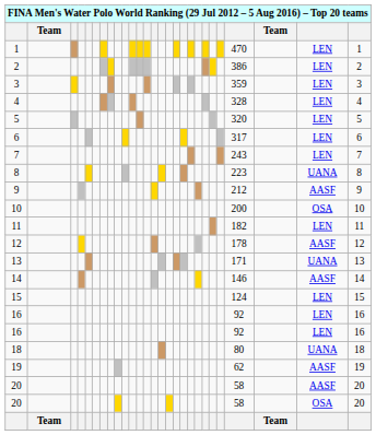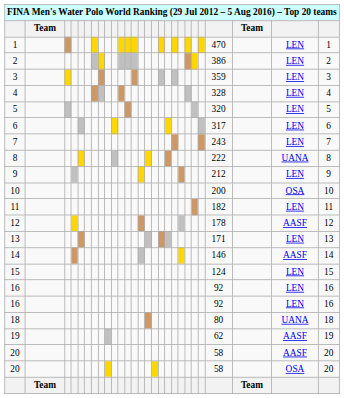 <table class="wikitable" style="text-align: center; font-size: 75%; margin-left: 1em;">
 <tr>
 <th colspan="27" style="background-color: #ccffff;">FINA Men's Water Polo World Ranking (29 Jul 2012 – 5 Aug 2016) – Top 20 teams</th>
 </tr>
 <tr>
 <th></th>
 <th>Team</th>
 <th><a href='#'></a></th>
 <th><a href='#'></a></th>
 <th><a href='#'></a></th>
 <th><a href='#'></a></th>
 <th><a href='#'></a></th>
 <th><a href='#'></a></th>
 <th><a href='#'></a></th>
 <th><a href='#'></a></th>
 <th><a href='#'></a></th>
 <th><a href='#'></a></th>
 <th><a href='#'></a></th>
 <th><a href='#'></a></th>
 <th><a href='#'></a></th>
 <th><a href='#'></a></th>
 <th><a href='#'></a></th>
 <th><a href='#'></a></th>
 <th><a href='#'></a></th>
 <th><a href='#'></a></th>
 <th><a href='#'></a></th>
 <th><a href='#'></a></th>
 <th><a href='#'></a></th>
 <th></th>
 <th>Team</th>
 <th></th>
 <th></th>
 </tr>
 <tr>
 <td>1</td>
 <td style="text-align: left;"></td>
 <td style="background-color: #cc9966;"></td>
 <td></td>
 <td></td>
 <td></td>
 <td style="background-color: gold;"></td>
 <td></td>
 <td></td>
 <td></td>
 <td style="background-color: gold;"></td>
 <td style="background-color: gold;"></td>
 <td style="background-color: gold;"></td>
 <td></td>
 <td></td>
 <td></td>
 <td style="background-color: gold;"></td>
 <td></td>
 <td style="background-color: gold;"></td>
 <td></td>
 <td style="background-color: gold;"></td>
 <td></td>
 <td style="background-color: gold;"></td>
 <td>470</td>
 <td style="text-align: left;"></td>
 <td><a href='#'>LEN</a></td>
 <td>1</td>
 </tr>
 <tr>
 <td>2</td>
 <td style="text-align: left;"></td>
 <td></td>
 <td></td>
 <td></td>
 <td></td>
 <td style="background-color: silver;"></td>
 <td style="background-color: gold;"></td>
 <td></td>
 <td></td>
 <td style="background-color: silver;"></td>
 <td style="background-color: silver;"></td>
 <td style="background-color: silver;"></td>
 <td></td>
 <td></td>
 <td></td>
 <td></td>
 <td></td>
 <td></td>
 <td></td>
 <td style="background-color: #cc9966;"></td>
 <td style="background-color: gold;"></td>
 <td></td>
 <td>386</td>
 <td style="text-align: left;"></td>
 <td><a href='#'>LEN</a></td>
 <td>2</td>
 </tr>
 <tr>
 <td>3</td>
 <td style="text-align: left;"></td>
 <td style="background-color: gold;"></td>
 <td></td>
 <td></td>
 <td></td>
 <td></td>
 <td style="background-color: #cc9966;"></td>
 <td></td>
 <td></td>
 <td></td>
 <td></td>
 <td style="background-color: #cc9966;"></td>
 <td></td>
 <td></td>
 <td></td>
 <td style="background-color: silver;"></td>
 <td></td>
 <td style="background-color: silver;"></td>
 <td></td>
 <td></td>
 <td></td>
 <td></td>
 <td>359</td>
 <td style="text-align: left;"></td>
 <td><a href='#'>LEN</a></td>
 <td>3</td>
 </tr>
 <tr>
 <td>4</td>
 <td style="text-align: left;"></td>
 <td></td>
 <td></td>
 <td></td>
 <td></td>
 <td style="background-color: #cc9966;"></td>
 <td style="background-color: silver;"></td>
 <td></td>
 <td></td>
 <td style="background-color: #cc9966;"></td>
 <td></td>
 <td></td>
 <td></td>
 <td></td>
 <td></td>
 <td></td>
 <td></td>
 <td></td>
 <td></td>
 <td style="background-color: silver;"></td>
 <td></td>
 <td></td>
 <td>328</td>
 <td style="text-align: left;"></td>
 <td><a href='#'>LEN</a></td>
 <td>4</td>
 </tr>
 <tr>
 <td>5</td>
 <td style="text-align: left;"></td>
 <td style="background-color: silver;"></td>
 <td></td>
 <td></td>
 <td></td>
 <td></td>
 <td></td>
 <td></td>
 <td></td>
 <td></td>
 <td style="background-color: #cc9966;"></td>
 <td></td>
 <td></td>
 <td></td>
 <td></td>
 <td></td>
 <td></td>
 <td></td>
 <td></td>
 <td></td>
 <td style="background-color: silver;"></td>
 <td></td>
 <td>320</td>
 <td style="text-align: left;"></td>
 <td><a href='#'>LEN</a></td>
 <td>5</td>
 </tr>
 <tr>
 <td>6</td>
 <td style="text-align: left;"></td>
 <td></td>
 <td></td>
 <td style="background-color: silver;"></td>
 <td></td>
 <td></td>
 <td></td>
 <td></td>
 <td style="background-color: gold;"></td>
 <td></td>
 <td></td>
 <td></td>
 <td></td>
 <td></td>
 <td></td>
 <td></td>
 <td style="background-color: gold;"></td>
 <td></td>
 <td></td>
 <td></td>
 <td></td>
 <td style="background-color: silver;"></td>
 <td>317</td>
 <td style="text-align: left;"></td>
 <td><a href='#'>LEN</a></td>
 <td>6</td>
 </tr>
 <tr>
 <td>7</td>
 <td style="text-align: left;"></td>
 <td></td>
 <td></td>
 <td></td>
 <td></td>
 <td></td>
 <td></td>
 <td></td>
 <td></td>
 <td></td>
 <td></td>
 <td></td>
 <td></td>
 <td></td>
 <td></td>
 <td></td>
 <td></td>
 <td style="background-color: #cc9966;"></td>
 <td></td>
 <td></td>
 <td></td>
 <td style="background-color: #cc9966;"></td>
 <td>243</td>
 <td style="text-align: left;"></td>
 <td><a href='#'>LEN</a></td>
 <td>7</td>
 </tr>
 <tr>
 <td>8</td>
 <td style="text-align: left;"></td>
 <td></td>
 <td></td>
 <td style="background-color: gold;"></td>
 <td></td>
 <td></td>
 <td></td>
 <td></td>
 <td style="background-color: silver;"></td>
 <td></td>
 <td></td>
 <td></td>
 <td></td>
 <td style="background-color: gold;"></td>
 <td></td>
 <td></td>
 <td style="background-color: #cc9966;"></td>
 <td></td>
 <td></td>
 <td></td>
 <td></td>
 <td></td>
-<td>223</td>
+<td>222</td>
 <td style="text-align: left;"></td>
 <td><a href='#'>UANA</a></td>
 <td>8</td>
 </tr>
 <tr>
 <td>9</td>
 <td style="text-align: left;"></td>
 <td></td>
 <td style="background-color: silver;"></td>
 <td></td>
 <td></td>
 <td></td>
 <td></td>
 <td></td>
 <td></td>
 <td></td>
 <td></td>
 <td></td>
 <td style="background-color: gold;"></td>
 <td></td>
 <td></td>
 <td></td>
 <td></td>
 <td></td>
 <td style="background-color: #cc9966;"></td>
 <td></td>
 <td></td>
 <td></td>
 <td>212</td>
 <td style="text-align: left;"></td>
-<td><a href='#'>AASF</a></td>
+<td><a href='#'>LEN</a></td>
 <td>9</td>
 </tr>
 <tr>
 <td>10</td>
 <td style="text-align: left;"></td>
 <td></td>
 <td></td>
 <td></td>
 <td></td>
 <td></td>
 <td></td>
 <td></td>
 <td></td>
 <td></td>
 <td></td>
 <td></td>
 <td></td>
 <td></td>
 <td></td>
 <td></td>
 <td></td>
 <td></td>
 <td></td>
 <td></td>
 <td></td>
 <td></td>
 <td>200</td>
 <td style="text-align: left;"></td>
 <td><a href='#'>OSA</a></td>
 <td>10</td>
 </tr>
 <tr>
 <td>11</td>
 <td style="text-align: left;"></td>
 <td></td>
 <td></td>
 <td></td>
 <td></td>
 <td></td>
 <td></td>
 <td></td>
 <td></td>
 <td></td>
 <td></td>
 <td></td>
 <td></td>
 <td></td>
 <td></td>
 <td></td>
 <td></td>
 <td></td>
 <td></td>
 <td></td>
 <td style="background-color: #cc9966;"></td>
 <td></td>
 <td>182</td>
 <td style="text-align: left;"></td>
 <td><a href='#'>LEN</a></td>
 <td>11</td>
 </tr>
 <tr>
 <td>12</td>
 <td style="text-align: left;"></td>
 <td></td>
 <td style="background-color: gold;"></td>
 <td></td>
 <td></td>
 <td></td>
 <td></td>
 <td></td>
 <td></td>
 <td></td>
 <td></td>
 <td></td>
 <td style="background-color: #cc9966;"></td>
 <td></td>
 <td></td>
 <td></td>
 <td></td>
 <td></td>
 <td style="background-color: silver;"></td>
 <td></td>
 <td></td>
 <td></td>
 <td>178</td>
 <td style="text-align: left;"></td>
 <td><a href='#'>AASF</a></td>
 <td>12</td>
 </tr>
 <tr>
 <td>13</td>
 <td style="text-align: left;"></td>
 <td></td>
 <td></td>
 <td style="background-color: #cc9966;"></td>
 <td></td>
 <td></td>
 <td></td>
 <td></td>
 <td></td>
 <td></td>
 <td></td>
 <td></td>
 <td></td>
 <td style="background-color: silver;"></td>
 <td></td>
 <td style="background-color: #cc9966;"></td>
 <td style="background-color: silver;"></td>
 <td></td>
 <td></td>
 <td></td>
 <td></td>
 <td></td>
 <td>171</td>
 <td style="text-align: left;"></td>
-<td><a href='#'>UANA</a></td>
+<td><a href='#'>LEN</a></td>
 <td>13</td>
 </tr>
 <tr>
 <td>14</td>
 <td style="text-align: left;"></td>
 <td></td>
 <td style="background-color: #cc9966;"></td>
 <td></td>
 <td></td>
 <td></td>
 <td></td>
 <td></td>
 <td></td>
 <td></td>
 <td></td>
 <td></td>
 <td style="background-color: silver;"></td>
 <td></td>
 <td></td>
 <td></td>
 <td></td>
 <td></td>
 <td style="background-color: gold;"></td>
 <td></td>
 <td></td>
 <td></td>
 <td>146</td>
 <td style="text-align: left;"></td>
 <td><a href='#'>AASF</a></td>
 <td>14</td>
 </tr>
 <tr>
 <td>15</td>
 <td style="text-align: left;"></td>
 <td></td>
 <td></td>
 <td></td>
 <td></td>
 <td></td>
 <td></td>
 <td></td>
 <td></td>
 <td></td>
 <td></td>
 <td></td>
 <td></td>
 <td></td>
 <td></td>
 <td></td>
 <td></td>
 <td></td>
 <td></td>
 <td></td>
 <td></td>
 <td></td>
 <td>124</td>
 <td style="text-align: left;"></td>
 <td><a href='#'>LEN</a></td>
 <td>15</td>
 </tr>
 <tr>
 <td>16</td>
 <td style="text-align: left;"></td>
 <td></td>
 <td></td>
 <td></td>
 <td></td>
 <td></td>
 <td></td>
 <td></td>
 <td></td>
 <td></td>
 <td></td>
 <td></td>
 <td></td>
 <td></td>
 <td></td>
 <td></td>
 <td></td>
 <td></td>
 <td></td>
 <td></td>
 <td></td>
 <td></td>
 <td>92</td>
 <td style="text-align: left;"></td>
 <td><a href='#'>LEN</a></td>
 <td>16</td>
 </tr>
 <tr>
 <td>16</td>
 <td style="text-align: left;"></td>
 <td></td>
 <td></td>
 <td></td>
 <td></td>
 <td></td>
 <td></td>
 <td></td>
 <td></td>
 <td></td>
 <td></td>
 <td></td>
 <td></td>
 <td></td>
 <td></td>
 <td></td>
 <td></td>
 <td></td>
 <td></td>
 <td></td>
 <td></td>
 <td></td>
 <td>92</td>
 <td style="text-align: left;"></td>
 <td><a href='#'>LEN</a></td>
 <td>16</td>
 </tr>
 <tr>
 <td>18</td>
 <td style="text-align: left;"></td>
 <td></td>
 <td></td>
 <td></td>
 <td></td>
 <td></td>
 <td></td>
 <td></td>
 <td></td>
 <td></td>
 <td></td>
 <td></td>
 <td></td>
 <td style="background-color: #cc9966;"></td>
 <td></td>
 <td></td>
 <td></td>
 <td></td>
 <td></td>
 <td></td>
 <td></td>
 <td></td>
 <td>80</td>
 <td style="text-align: left;"></td>
 <td><a href='#'>UANA</a></td>
 <td>18</td>
 </tr>
 <tr>
 <td>19</td>
 <td style="text-align: left;"></td>
 <td></td>
 <td></td>
 <td></td>
 <td></td>
 <td></td>
 <td></td>
 <td style="background-color: silver;"></td>
 <td></td>
 <td></td>
 <td></td>
 <td></td>
 <td></td>
 <td></td>
 <td></td>
 <td></td>
 <td></td>
 <td></td>
 <td></td>
 <td></td>
 <td></td>
 <td></td>
 <td>62</td>
 <td style="text-align: left;"></td>
 <td><a href='#'>AASF</a></td>
 <td>19</td>
 </tr>
 <tr>
 <td>20</td>
 <td style="text-align: left;"></td>
 <td></td>
 <td></td>
 <td></td>
 <td></td>
 <td></td>
 <td></td>
 <td></td>
 <td></td>
 <td></td>
 <td></td>
 <td></td>
 <td></td>
 <td></td>
 <td></td>
 <td></td>
 <td></td>
 <td></td>
 <td></td>
 <td></td>
 <td></td>
 <td></td>
 <td>58</td>
 <td style="text-align: left;"></td>
 <td><a href='#'>AASF</a></td>
 <td>20</td>
 </tr>
 <tr>
 <td>20</td>
 <td style="text-align: left;"></td>
 <td></td>
 <td></td>
 <td></td>
 <td></td>
 <td></td>
 <td></td>
 <td style="background-color: gold;"></td>
 <td></td>
 <td></td>
 <td></td>
 <td></td>
 <td></td>
 <td></td>
 <td style="background-color: gold;"></td>
 <td></td>
 <td></td>
 <td></td>
 <td></td>
 <td></td>
 <td></td>
 <td></td>
 <td>58</td>
 <td style="text-align: left;"></td>
 <td><a href='#'>OSA</a></td>
 <td>20</td>
 </tr>
 <tr>
 <th></th>
 <th>Team</th>
 <th><a href='#'></a></th>
 <th><a href='#'></a></th>
 <th><a href='#'></a></th>
 <th><a href='#'></a></th>
 <th><a href='#'></a></th>
 <th><a href='#'></a></th>
 <th><a href='#'></a></th>
 <th><a href='#'></a></th>
 <th><a href='#'></a></th>
 <th><a href='#'></a></th>
 <th><a href='#'></a></th>
 <th><a href='#'></a></th>
 <th><a href='#'></a></th>
 <th><a href='#'></a></th>
 <th><a href='#'></a></th>
 <th><a href='#'></a></th>
 <th><a href='#'></a></th>
 <th><a href='#'></a></th>
 <th><a href='#'></a></th>
 <th><a href='#'></a></th>
 <th><a href='#'></a></th>
 <th></th>
 <th>Team</th>
 <th></th>
 <th></th>
 </tr>
 </table>
